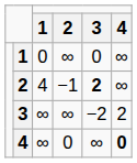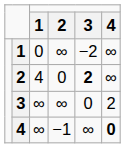 <table class=wikitable style="float:left; margin:10px; text-align:center;">
 <tr>
 <td colspan="2" rowspan="2"></td>
 <td colspan="4"></td>
 </tr>
 <tr>
 <th>1</th>
 <th>2</th>
 <th>3</th>
 <th>4</th>
 </tr>
 <tr>
 <td rowspan="4"></td>
 <th>1</th>
 <td>0</td>
 <td>∞</td>
-<td>0</td>
+<td>−2</td>
 <td>∞</td>
 </tr>
 <tr>
 <th>2</th>
 <td>4</td>
-<td>−1</td>
+<td>0</td>
 <td><strong>2</strong></td>
 <td>∞</td>
 </tr>
 <tr>
 <th>3</th>
 <td>∞</td>
 <td>∞</td>
-<td>−2</td>
+<td>0</td>
 <td>2</td>
 </tr>
 <tr>
 <th>4</th>
 <td>∞</td>
-<td>0</td>
+<td>−1</td>
 <td>∞</td>
 <td><strong>0</strong></td>
 </tr>
 </table>
